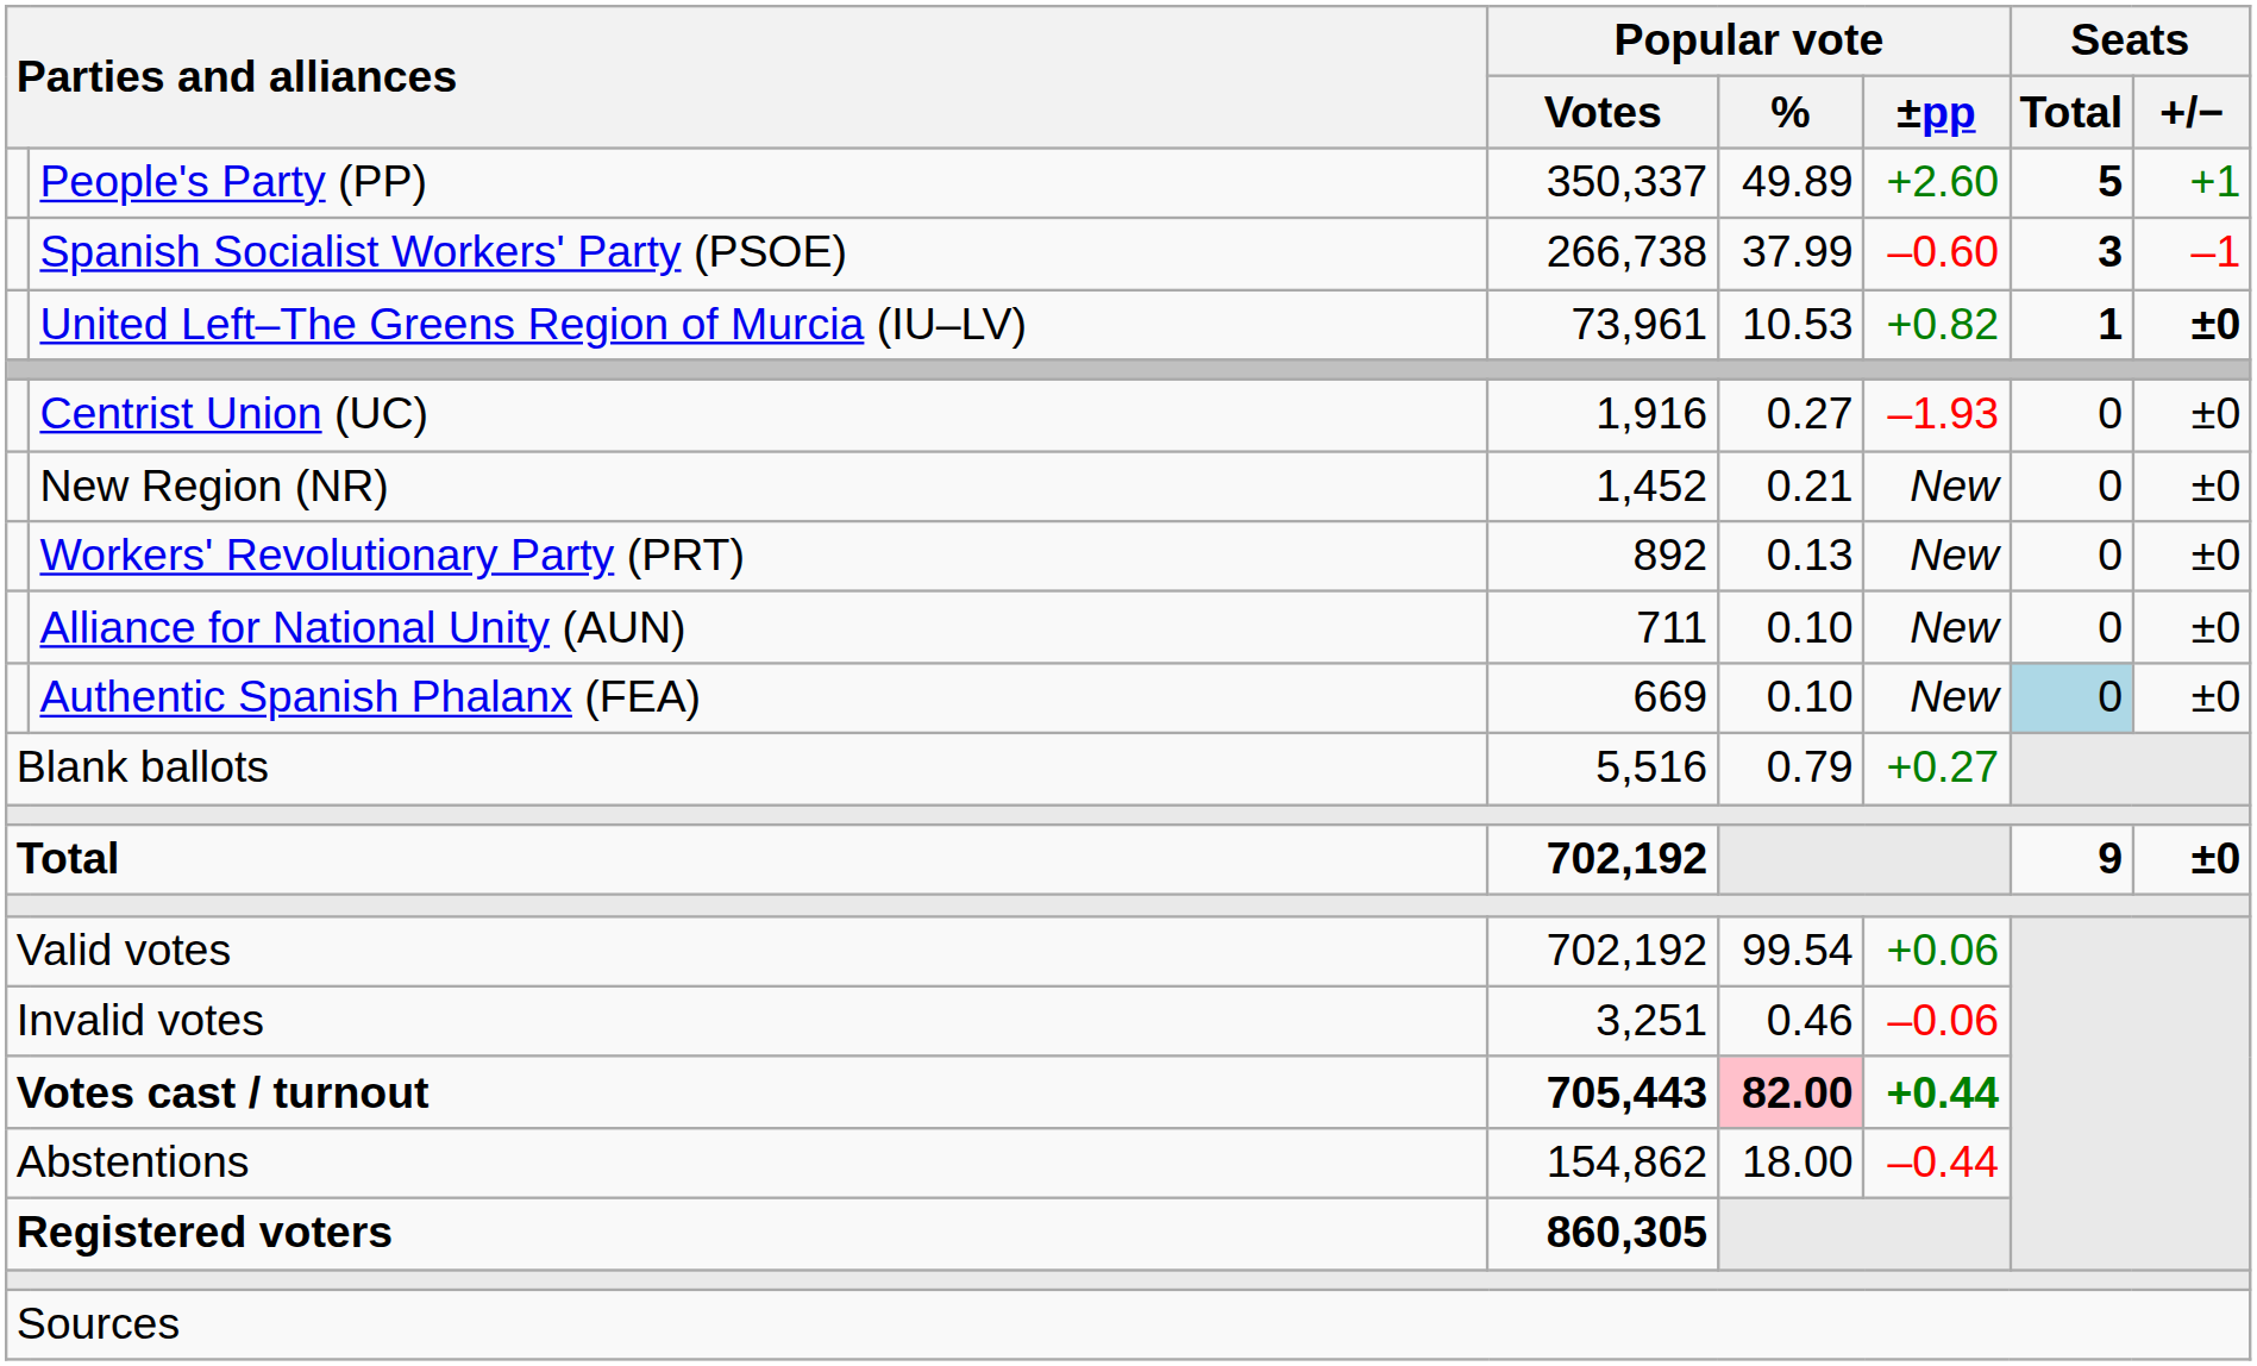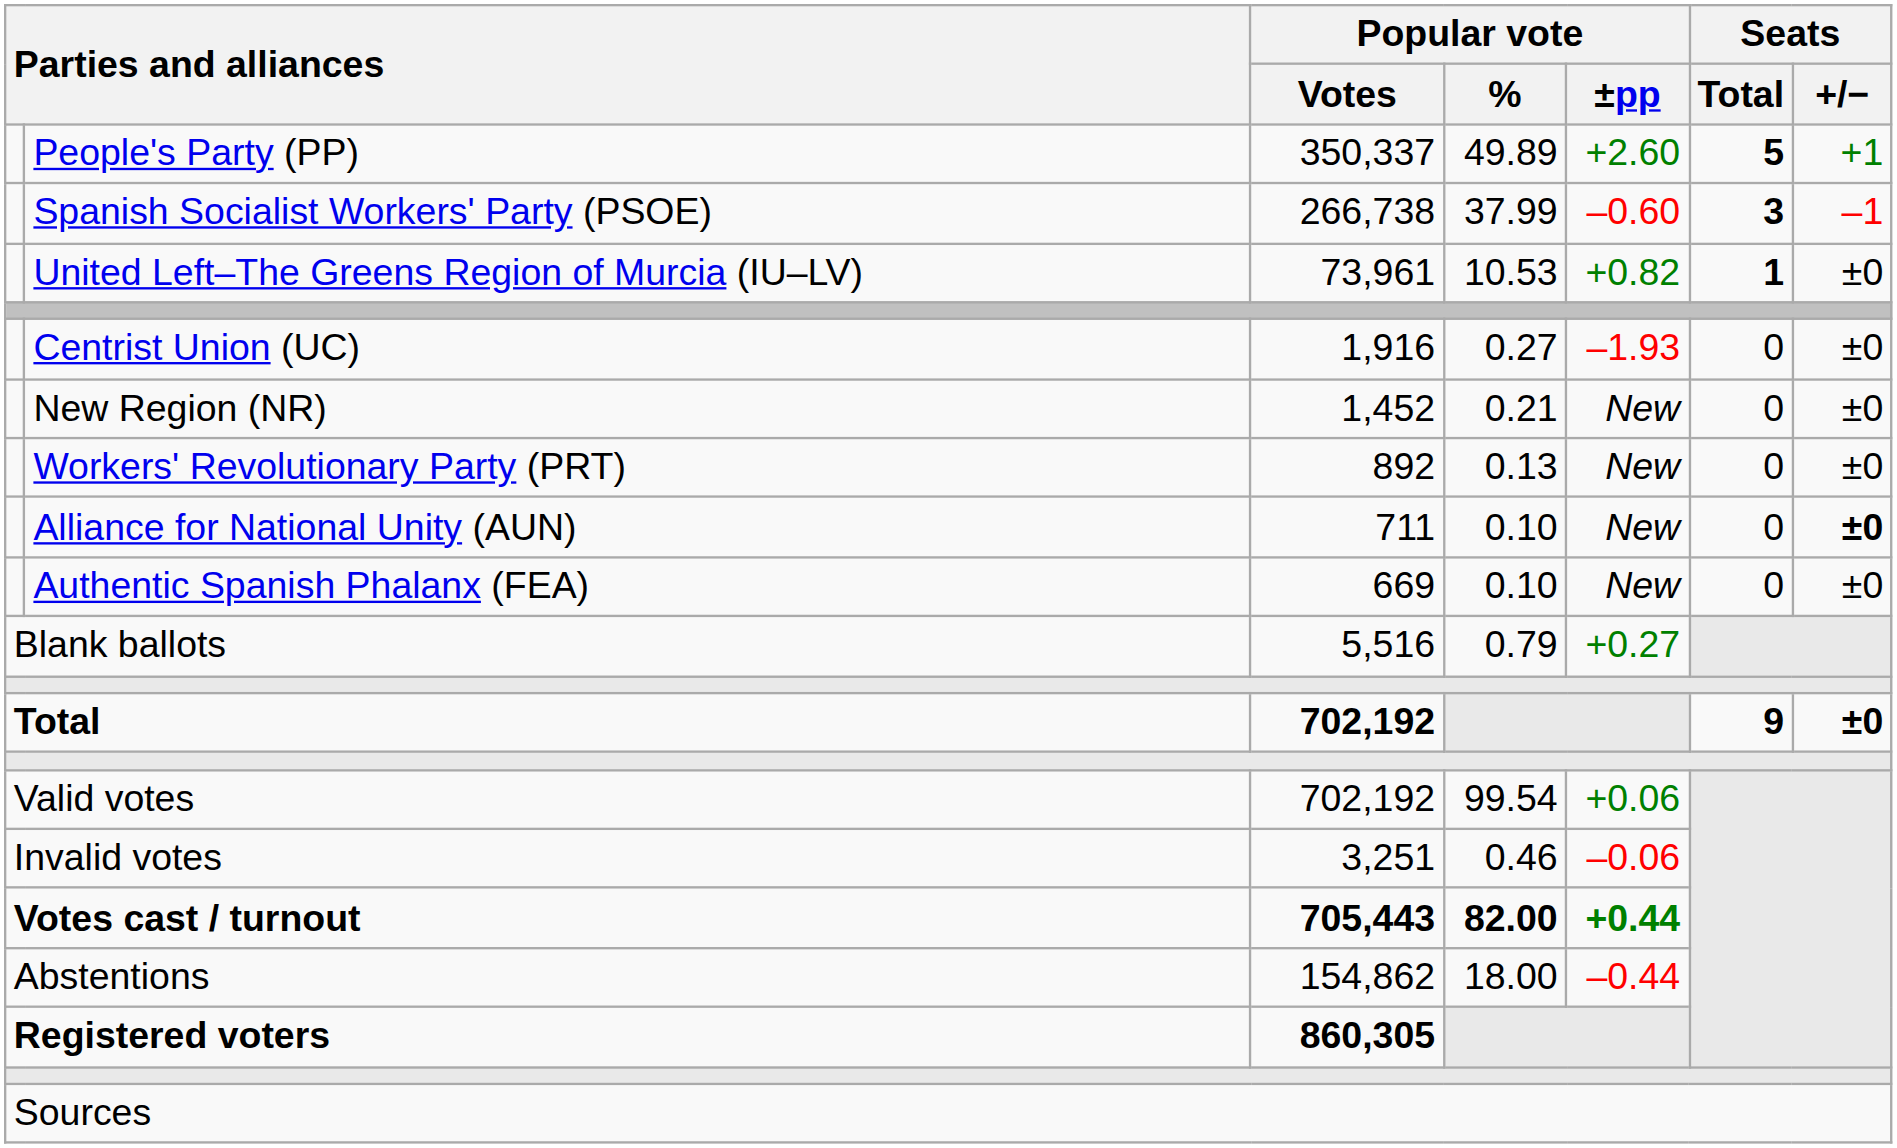 <table class="wikitable" style="text-align:right;">
 <tr>
 <th style="text-align:left;" rowspan="2" colspan="2" width="525">Parties and alliances</th>
 <th colspan="3">Popular vote</th>
 <th colspan="2">Seats</th>
 </tr>
 <tr>
 <th width="75">Votes</th>
 <th width="45">%</th>
 <th width="45">±<a href='#'>pp</a></th>
 <th width="35">Total</th>
 <th width="35">+/−</th>
 </tr>
 <tr>
 <td width="1" style="color:inherit;background:"></td>
 <td align="left"><a href='#'>People's Party</a> (PP)</td>
 <td>350,337</td>
 <td>49.89</td>
 <td style="color:green;">+2.60</td>
 <td><strong>5</strong></td>
 <td style="color:green;">+1</td>
 </tr>
 <tr>
 <td style="color:inherit;background:"></td>
 <td align="left"><a href='#'>Spanish Socialist Workers' Party</a> (PSOE)</td>
 <td>266,738</td>
 <td>37.99</td>
 <td style="color:red;">–0.60</td>
 <td><strong>3</strong></td>
 <td style="color:red;">–1</td>
 </tr>
 <tr>
 <td style="color:inherit;background:"></td>
 <td align="left"><a href='#'>United Left–The Greens Region of Murcia</a> (IU–LV)</td>
 <td>73,961</td>
 <td>10.53</td>
 <td style="color:green;">+0.82</td>
 <td><strong>1</strong></td>
-<td><strong>±0</strong></td>
+<td>±0</td>
 </tr>
 <tr>
 <td colspan="7" bgcolor="#C0C0C0"></td>
 </tr>
 <tr>
 <td style="color:inherit;background:"></td>
 <td align="left"><a href='#'>Centrist Union</a> (UC)</td>
 <td>1,916</td>
 <td>0.27</td>
 <td style="color:red;">–1.93</td>
 <td>0</td>
 <td>±0</td>
 </tr>
 <tr>
 <td style="color:inherit;background:"></td>
 <td align="left">New Region (NR)</td>
 <td>1,452</td>
 <td>0.21</td>
 <td><em>New</em></td>
 <td>0</td>
 <td>±0</td>
 </tr>
 <tr>
 <td style="color:inherit;background:"></td>
 <td align="left"><a href='#'>Workers' Revolutionary Party</a> (PRT)</td>
 <td>892</td>
 <td>0.13</td>
 <td><em>New</em></td>
 <td>0</td>
 <td>±0</td>
 </tr>
 <tr>
 <td style="color:inherit;background:"></td>
 <td align="left"><a href='#'>Alliance for National Unity</a> (AUN)</td>
 <td>711</td>
 <td>0.10</td>
 <td><em>New</em></td>
 <td>0</td>
-<td>±0</td>
+<td><strong>±0</strong></td>
 </tr>
 <tr>
 <td style="color:inherit;background:"></td>
 <td align="left"><a href='#'>Authentic Spanish Phalanx</a> (FEA)</td>
 <td>669</td>
 <td>0.10</td>
 <td><em>New</em></td>
-<td style="background: lightblue;">0</td>
+<td>0</td>
 <td>±0</td>
 </tr>
 <tr>
 <td align="left" colspan="2">Blank ballots</td>
 <td>5,516</td>
 <td>0.79</td>
 <td style="color:green;">+0.27</td>
 <td bgcolor="#E9E9E9" colspan="2"></td>
 </tr>
 <tr>
 <td colspan="7" bgcolor="#E9E9E9"></td>
 </tr>
 <tr style="font-weight:bold;">
 <td align="left" colspan="2">Total</td>
 <td>702,192</td>
 <td bgcolor="#E9E9E9" colspan="2"></td>
 <td>9</td>
 <td>±0</td>
 </tr>
 <tr>
 <td colspan="7" bgcolor="#E9E9E9"></td>
 </tr>
 <tr>
 <td align="left" colspan="2">Valid votes</td>
 <td>702,192</td>
 <td>99.54</td>
 <td style="color:green;">+0.06</td>
 <td bgcolor="#E9E9E9" colspan="2" rowspan="5"></td>
 </tr>
 <tr>
 <td align="left" colspan="2">Invalid votes</td>
 <td>3,251</td>
 <td>0.46</td>
 <td style="color:red;">–0.06</td>
 </tr>
 <tr style="font-weight:bold;">
 <td align="left" colspan="2">Votes cast / turnout</td>
 <td>705,443</td>
-<td style="background: pink;">82.00</td>
+<td>82.00</td>
 <td style="color:green;">+0.44</td>
 </tr>
 <tr>
 <td align="left" colspan="2">Abstentions</td>
 <td>154,862</td>
 <td>18.00</td>
 <td style="color:red;">–0.44</td>
 </tr>
 <tr style="font-weight:bold;">
 <td align="left" colspan="2">Registered voters</td>
 <td>860,305</td>
 <td bgcolor="#E9E9E9" colspan="2"></td>
 </tr>
 <tr>
 <td colspan="7" bgcolor="#E9E9E9"></td>
 </tr>
 <tr>
 <td align="left" colspan="7">Sources</td>
 </tr>
 </table>
